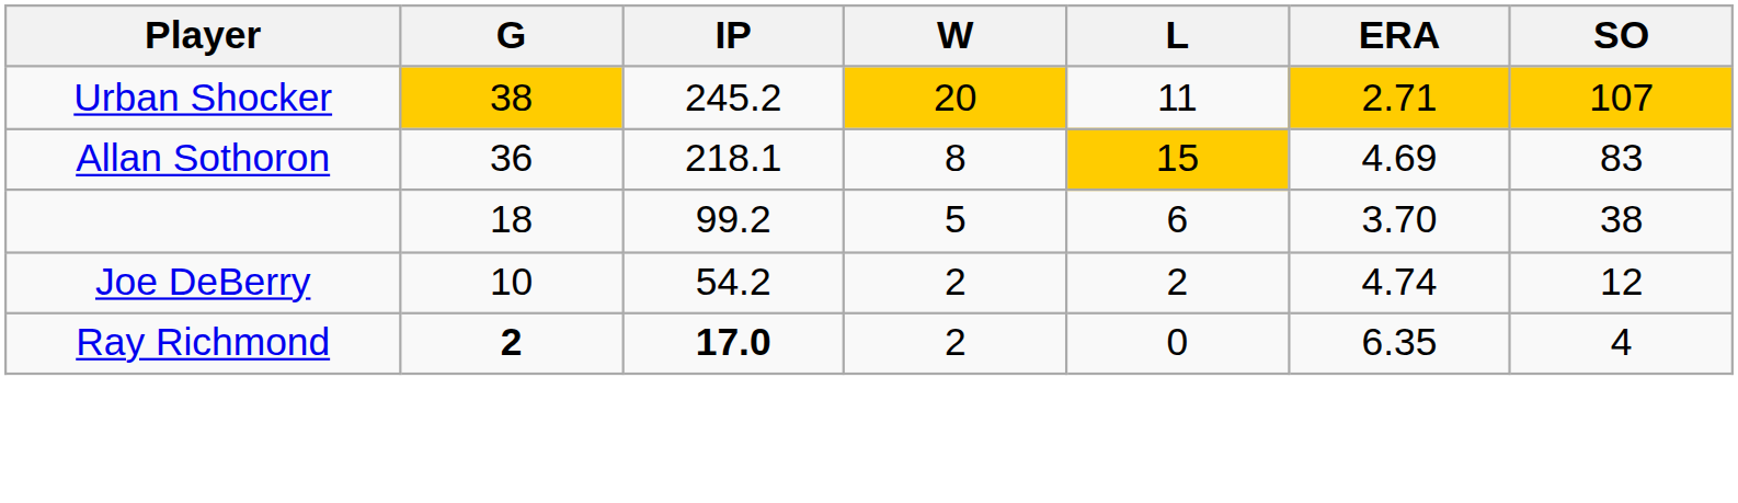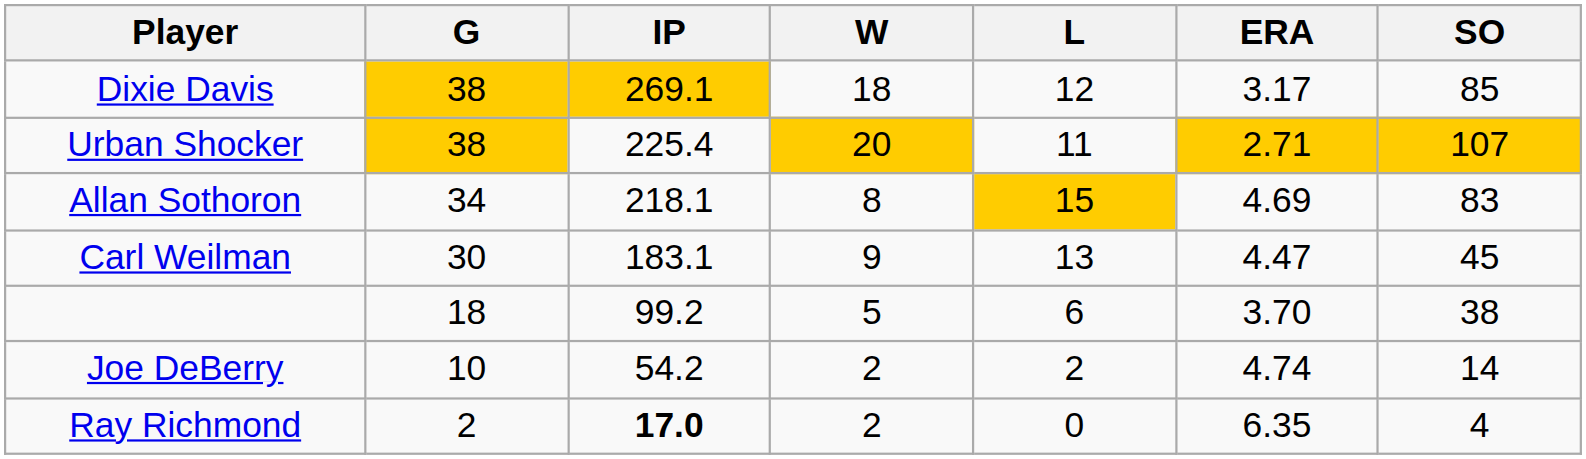 <table class="wikitable sortable">
 <tr>
 <th bgcolor="#DDDDFF" width="16%">Player</th>
 <th bgcolor="#DDDDFF" width="9%">G</th>
 <th bgcolor="#DDDDFF" width="9%">IP</th>
 <th bgcolor="#DDDDFF" width="9%">W</th>
 <th bgcolor="#DDDDFF" width="9%">L</th>
 <th bgcolor="#DDDDFF" width="9%">ERA</th>
 <th bgcolor="#DDDDFF" width="9%">SO</th>
 </tr>
 <tr align="center">
+<td><a href='#'>Dixie Davis</a></td>
+<td style="background:#fc0;">38</td>
+<td style="background:#fc0;">269.1</td>
+<td>18</td>
+<td>12</td>
+<td>3.17</td>
+<td>85</td>
+</tr>
+<tr align="center">
 <td><a href='#'>Urban Shocker</a></td>
 <td style="background:#fc0;">38</td>
-<td>245.2</td>
+<td>225.4</td>
 <td style="background:#fc0;">20</td>
 <td>11</td>
 <td style="background:#fc0;">2.71</td>
 <td style="background:#fc0;">107</td>
 </tr>
 <tr align="center">
 <td><a href='#'>Allan Sothoron</a></td>
-<td>36</td>
+<td>34</td>
 <td>218.1</td>
 <td>8</td>
 <td style="background:#fc0;">15</td>
 <td>4.69</td>
 <td>83</td>
+</tr>
+<tr align="center">
+<td><a href='#'>Carl Weilman</a></td>
+<td>30</td>
+<td>183.1</td>
+<td>9</td>
+<td>13</td>
+<td>4.47</td>
+<td>45</td>
 </tr>
 <tr align="center">
 <td></td>
 <td>18</td>
 <td>99.2</td>
 <td>5</td>
 <td>6</td>
 <td>3.70</td>
 <td>38</td>
 </tr>
 <tr align="center">
 <td><a href='#'>Joe DeBerry</a></td>
 <td>10</td>
 <td>54.2</td>
 <td>2</td>
 <td>2</td>
 <td>4.74</td>
-<td>12</td>
+<td>14</td>
 </tr>
 <tr align="center">
 <td><a href='#'>Ray Richmond</a></td>
-<td><strong>2</strong></td>
+<td>2</td>
 <td><strong>17.0</strong></td>
 <td>2</td>
 <td>0</td>
 <td>6.35</td>
 <td>4</td>
 </tr>
 </table>
